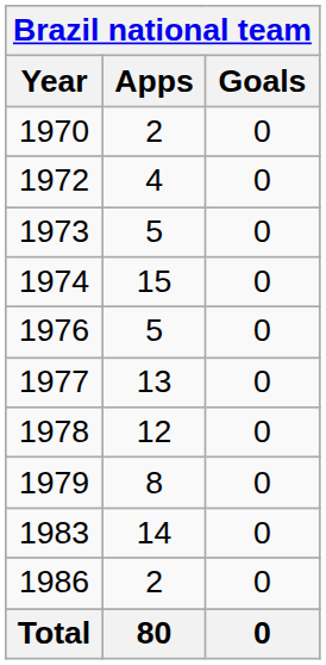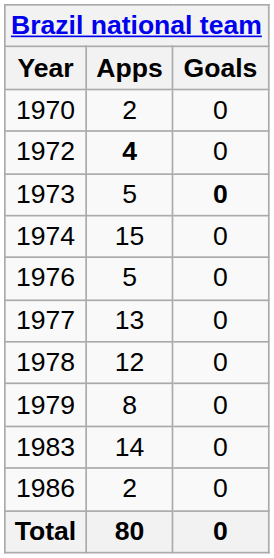 <table class="wikitable" style="text-align:center">
 <tr>
 <th colspan=3><a href='#'>Brazil national team</a></th>
 </tr>
 <tr>
 <th>Year</th>
 <th>Apps</th>
 <th>Goals</th>
 </tr>
 <tr>
 <td>1970</td>
 <td>2</td>
 <td>0</td>
 </tr>
 <tr>
 <td>1972</td>
-<td>4</td>
+<td><strong>4</strong></td>
 <td>0</td>
 </tr>
 <tr>
 <td>1973</td>
 <td>5</td>
-<td>0</td>
+<td><strong>0</strong></td>
 </tr>
 <tr>
 <td>1974</td>
 <td>15</td>
 <td>0</td>
 </tr>
 <tr>
 <td>1976</td>
 <td>5</td>
 <td>0</td>
 </tr>
 <tr>
 <td>1977</td>
 <td>13</td>
 <td>0</td>
 </tr>
 <tr>
 <td>1978</td>
 <td>12</td>
 <td>0</td>
 </tr>
 <tr>
 <td>1979</td>
 <td>8</td>
 <td>0</td>
 </tr>
 <tr>
 <td>1983</td>
 <td>14</td>
 <td>0</td>
 </tr>
 <tr>
 <td>1986</td>
 <td>2</td>
 <td>0</td>
 </tr>
 <tr>
 <th>Total</th>
 <th>80</th>
 <th>0</th>
 </tr>
 </table>
